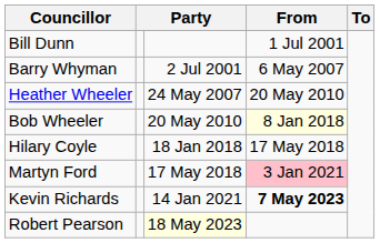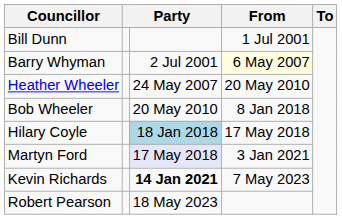 <table class=wikitable>
 <tr>
 <th>Councillor</th>
 <th colspan=2>Party</th>
 <th>From</th>
 <th>To</th>
 </tr>
 <tr>
 <td>Bill Dunn</td>
 <td></td>
 <td align=right></td>
 <td align=right>1 Jul 2001</td>
 </tr>
 <tr>
 <td>Barry Whyman</td>
 <td></td>
 <td align=right>2 Jul 2001</td>
-<td align=right>6 May 2007</td>
+<td align=right style="background: lightyellow;">6 May 2007</td>
 </tr>
 <tr>
 <td><a href='#'>Heather Wheeler</a></td>
 <td></td>
 <td align=right>24 May 2007</td>
 <td align=right>20 May 2010</td>
 </tr>
 <tr>
 <td>Bob Wheeler</td>
 <td></td>
 <td align=right>20 May 2010</td>
-<td align=right style="background: lightyellow;">8 Jan 2018</td>
+<td align=right>8 Jan 2018</td>
 </tr>
 <tr>
 <td>Hilary Coyle</td>
 <td></td>
-<td align=right>18 Jan 2018</td>
+<td align=right style="background: lightblue;">18 Jan 2018</td>
 <td align=right>17 May 2018</td>
 </tr>
 <tr>
 <td>Martyn Ford</td>
 <td></td>
-<td align=right>17 May 2018</td>
-<td align=right style="background: pink;">3 Jan 2021</td>
+<td align=right style="background: lavender;">17 May 2018</td>
+<td align=right>3 Jan 2021</td>
 </tr>
 <tr>
 <td>Kevin Richards</td>
 <td></td>
-<td align=right>14 Jan 2021</td>
-<td align=right><strong>7 May 2023</strong></td>
+<td align=right><strong>14 Jan 2021</strong></td>
+<td align=right>7 May 2023</td>
 </tr>
 <tr>
 <td>Robert Pearson</td>
 <td></td>
-<td align=right style="background: lightyellow;">18 May 2023</td>
+<td align=right>18 May 2023</td>
 <td align=right></td>
 </tr>
 </table>
